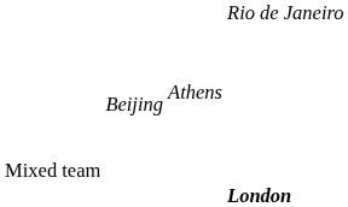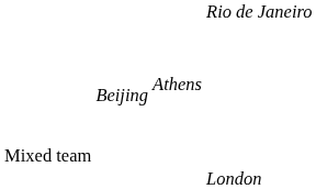 <table>
 <tr>
 <td rowspan=2>Mixed team<br></td>
 <td rowspan=2><em>Beijing</em><br><br> <br><br><br><br><br></td>
 <td rowspan=2><em>Athens</em><br><br> <br><br><br><br><br><br></td>
 <td><em>Rio de Janeiro</em><br><br> <br><br><br><br><br><br></td>
 </tr>
 <tr>
-<td><strong><em>London</em><br><br> <br><br><br><br><br></strong></td>
+<td><em>London</em><br><br> <br><br><br><br><br></td>
 </tr>
 </table>
